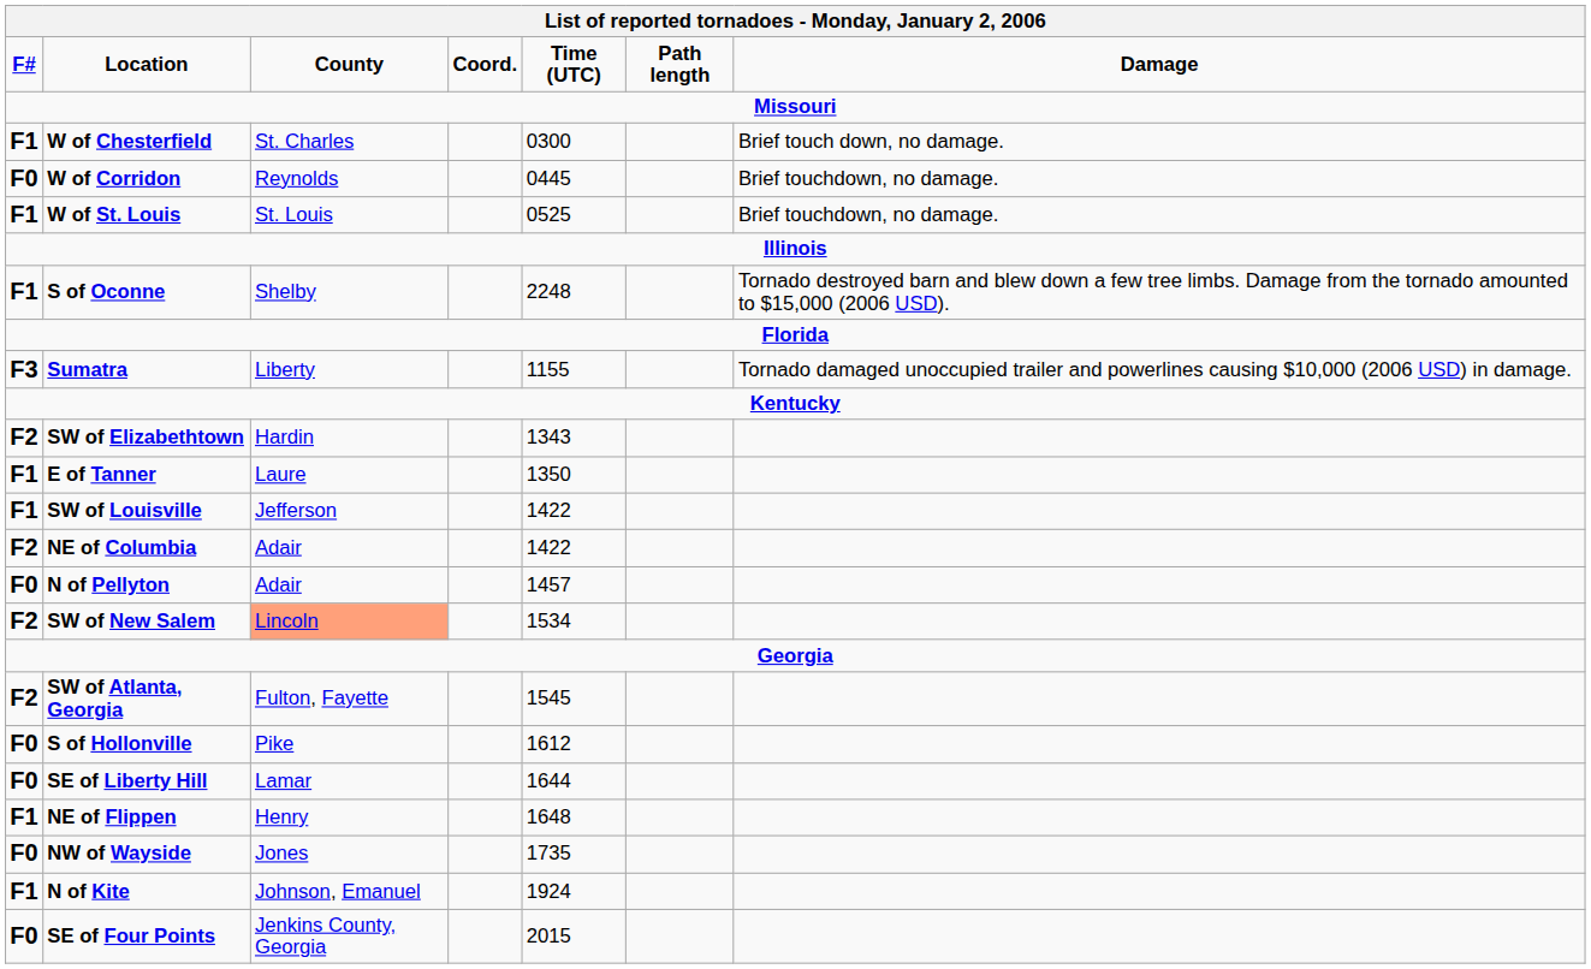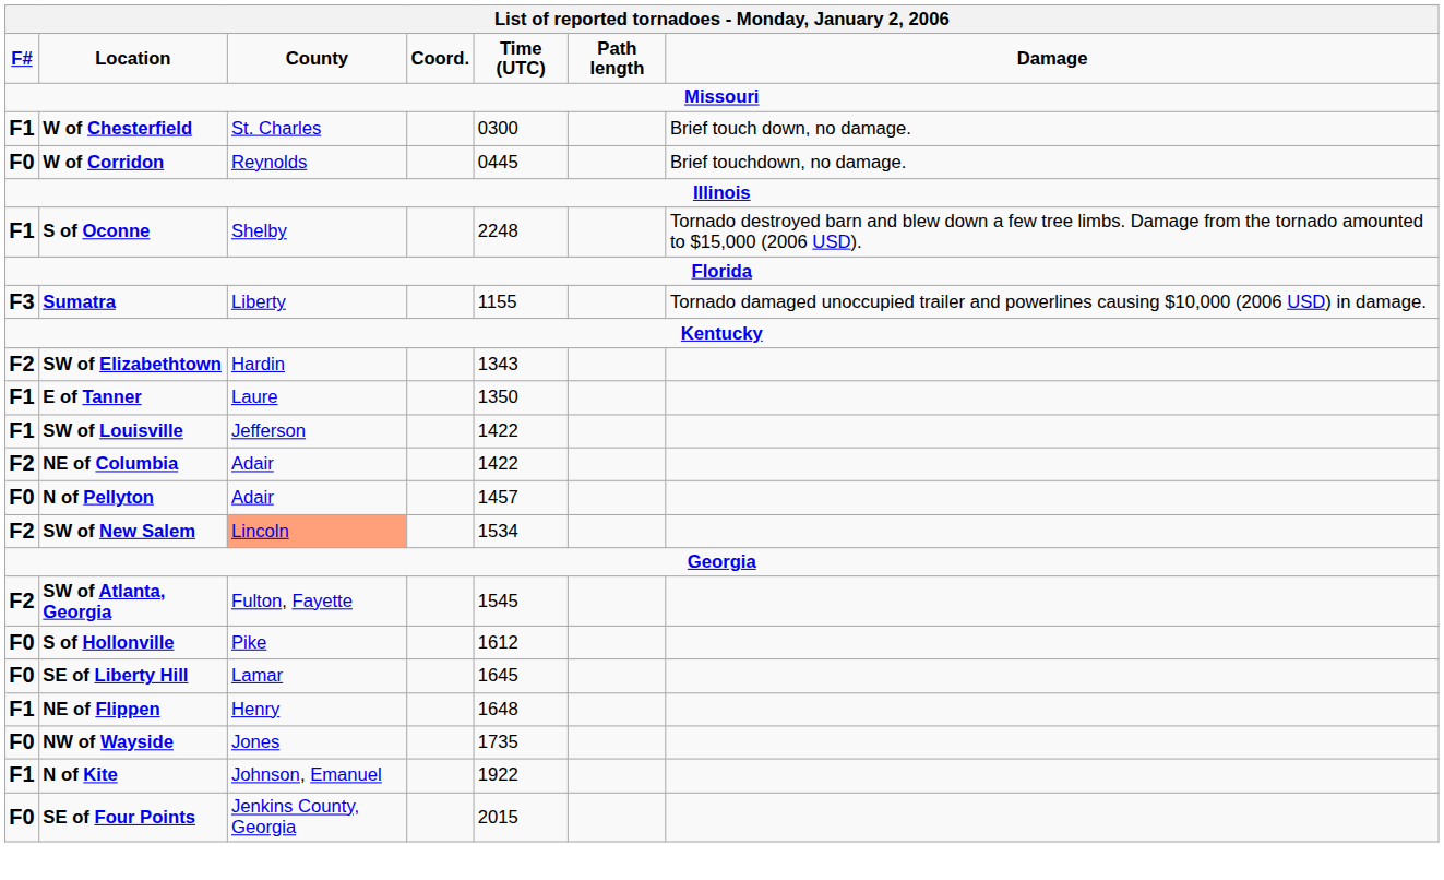 <table class="wikitable collapsible" width="100%">
 <tr>
 <th colspan="7">List of reported tornadoes - Monday, January 2, 2006</th>
 </tr>
 <tr style="text-align:center;">
 <td><strong><a href='#'>F#</a></strong></td>
 <td><strong>Location</strong></td>
 <td><strong>County</strong></td>
 <td><strong>Coord.</strong></td>
 <td><strong>Time (UTC)</strong></td>
 <td><strong>Path length</strong></td>
 <td><strong>Damage</strong></td>
 </tr>
 <tr>
 <td colspan="7" align=center><strong><a href='#'>Missouri</a></strong></td>
 </tr>
 <tr>
 <td><big><strong>F1</strong></big></td>
 <td><strong>W of <a href='#'>Chesterfield</a></strong></td>
 <td><a href='#'>St. Charles</a></td>
 <td></td>
 <td>0300</td>
 <td></td>
 <td>Brief touch down, no damage.</td>
 </tr>
 <tr>
 <td><big><strong>F0</strong></big></td>
 <td><strong>W of <a href='#'>Corridon</a></strong></td>
 <td><a href='#'>Reynolds</a></td>
 <td></td>
 <td>0445</td>
-<td></td>
-<td>Brief touchdown, no damage.</td>
-</tr>
-<tr>
-<td><big><strong>F1</strong></big></td>
-<td><strong>W of <a href='#'>St. Louis</a></strong></td>
-<td><a href='#'>St. Louis</a></td>
-<td></td>
-<td>0525</td>
 <td></td>
 <td>Brief touchdown, no damage.</td>
 </tr>
 <tr>
 <td colspan="7" align=center><strong><a href='#'>Illinois</a></strong></td>
 </tr>
 <tr>
 <td><big><strong>F1</strong></big></td>
 <td><strong>S of <a href='#'>Oconne</a></strong></td>
 <td><a href='#'>Shelby</a></td>
 <td></td>
 <td>2248</td>
 <td></td>
 <td>Tornado destroyed barn and blew down a few tree limbs. Damage from the tornado amounted to  $15,000 (2006 <a href='#'>USD</a>).</td>
 </tr>
 <tr>
 <td colspan="7" align=center><strong><a href='#'>Florida</a></strong></td>
 </tr>
 <tr>
 <td><big><strong>F3</strong></big></td>
 <td><strong><a href='#'>Sumatra</a></strong></td>
 <td><a href='#'>Liberty</a></td>
 <td></td>
 <td>1155</td>
 <td></td>
 <td>Tornado damaged unoccupied trailer and powerlines causing $10,000 (2006 <a href='#'>USD</a>) in damage.</td>
 </tr>
 <tr>
 <td colspan="7" align=center><strong><a href='#'>Kentucky</a></strong></td>
 </tr>
 <tr>
 <td><big><strong>F2</strong></big></td>
 <td><strong>SW of <a href='#'>Elizabethtown</a></strong></td>
 <td><a href='#'>Hardin</a></td>
 <td></td>
 <td>1343</td>
 <td></td>
 <td></td>
 </tr>
 <tr>
 <td><big><strong>F1</strong></big></td>
 <td><strong>E of <a href='#'>Tanner</a></strong></td>
 <td><a href='#'>Laure</a></td>
 <td></td>
 <td>1350</td>
 <td></td>
 <td></td>
 </tr>
 <tr>
 <td><big><strong>F1</strong></big></td>
 <td><strong>SW of <a href='#'>Louisville</a></strong></td>
 <td><a href='#'>Jefferson</a></td>
 <td></td>
 <td>1422</td>
 <td></td>
 <td></td>
 </tr>
 <tr>
 <td><big><strong>F2</strong></big></td>
 <td><strong>NE of <a href='#'>Columbia</a></strong></td>
 <td><a href='#'>Adair</a></td>
 <td></td>
 <td>1422</td>
 <td></td>
 <td></td>
 </tr>
 <tr>
 <td><big><strong>F0</strong></big></td>
 <td><strong>N of <a href='#'>Pellyton</a></strong></td>
 <td><a href='#'>Adair</a></td>
 <td></td>
 <td>1457</td>
 <td></td>
 <td></td>
 </tr>
 <tr>
 <td><big><strong>F2</strong></big></td>
 <td><strong>SW of <a href='#'>New Salem</a></strong></td>
 <td style="background: lightsalmon;"><a href='#'>Lincoln</a></td>
 <td></td>
 <td>1534</td>
 <td></td>
 <td></td>
 </tr>
 <tr>
 <td colspan="7" align=center><strong><a href='#'>Georgia</a></strong></td>
 </tr>
 <tr>
 <td><big><strong>F2</strong></big></td>
 <td><strong>SW of <a href='#'>Atlanta, Georgia</a></strong></td>
 <td><a href='#'>Fulton</a>, <a href='#'>Fayette</a></td>
 <td></td>
 <td>1545</td>
 <td></td>
 <td></td>
 </tr>
 <tr>
 <td><big><strong>F0</strong></big></td>
 <td><strong>S of <a href='#'>Hollonville</a></strong></td>
 <td><a href='#'>Pike</a></td>
 <td></td>
 <td>1612</td>
 <td></td>
 <td></td>
 </tr>
 <tr>
 <td><big><strong>F0</strong></big></td>
 <td><strong>SE of <a href='#'>Liberty Hill</a></strong></td>
 <td><a href='#'>Lamar</a></td>
 <td></td>
-<td>1644</td>
+<td>1645</td>
 <td></td>
 <td></td>
 </tr>
 <tr>
 <td><big><strong>F1</strong></big></td>
 <td><strong>NE of <a href='#'>Flippen</a></strong></td>
 <td><a href='#'>Henry</a></td>
 <td></td>
 <td>1648</td>
 <td></td>
 <td></td>
 </tr>
 <tr>
 <td><big><strong>F0</strong></big></td>
 <td><strong>NW of <a href='#'>Wayside</a></strong></td>
 <td><a href='#'>Jones</a></td>
 <td></td>
 <td>1735</td>
 <td></td>
 <td></td>
 </tr>
 <tr>
 <td><big><strong>F1</strong></big></td>
 <td><strong>N of <a href='#'>Kite</a></strong></td>
 <td><a href='#'>Johnson</a>, <a href='#'>Emanuel</a></td>
 <td></td>
-<td>1924</td>
+<td>1922</td>
 <td></td>
 <td></td>
 </tr>
 <tr>
 <td><big><strong>F0</strong></big></td>
 <td><strong>SE of <a href='#'>Four Points</a></strong></td>
 <td><a href='#'>Jenkins County, Georgia</a></td>
 <td></td>
 <td>2015</td>
 <td></td>
 <td></td>
 </tr>
 </table>
